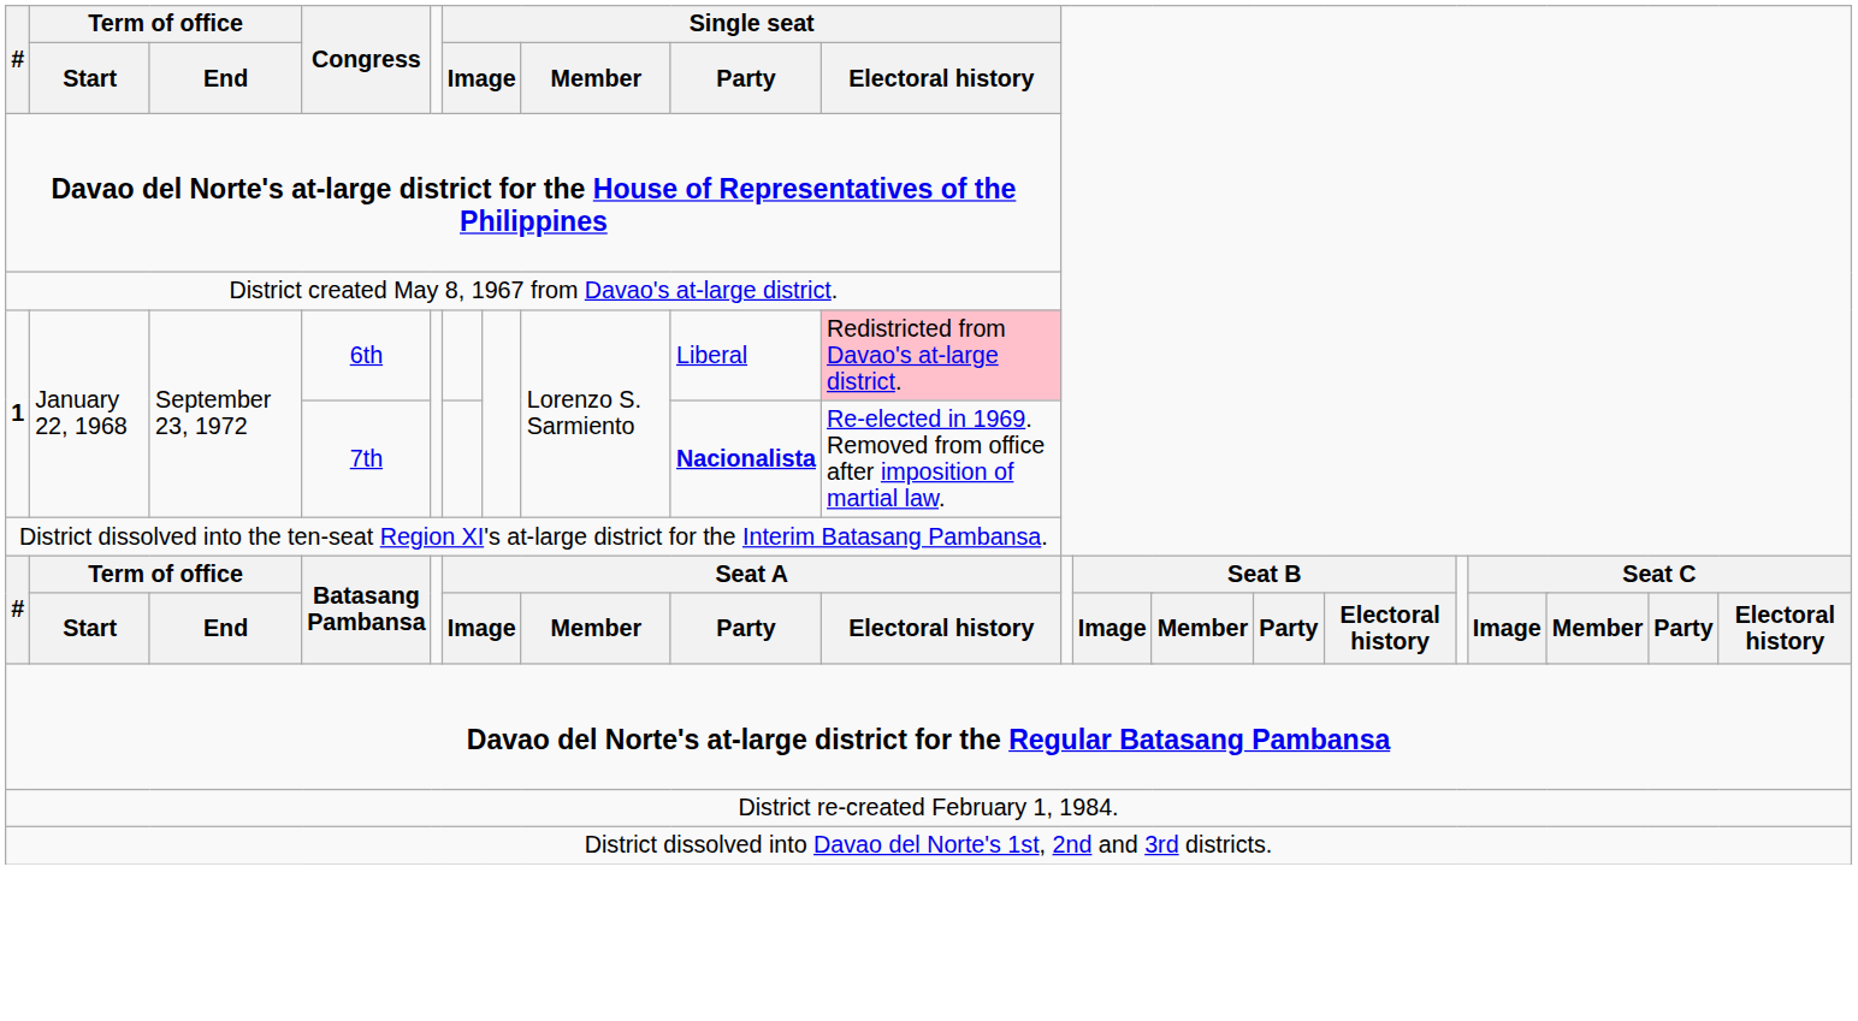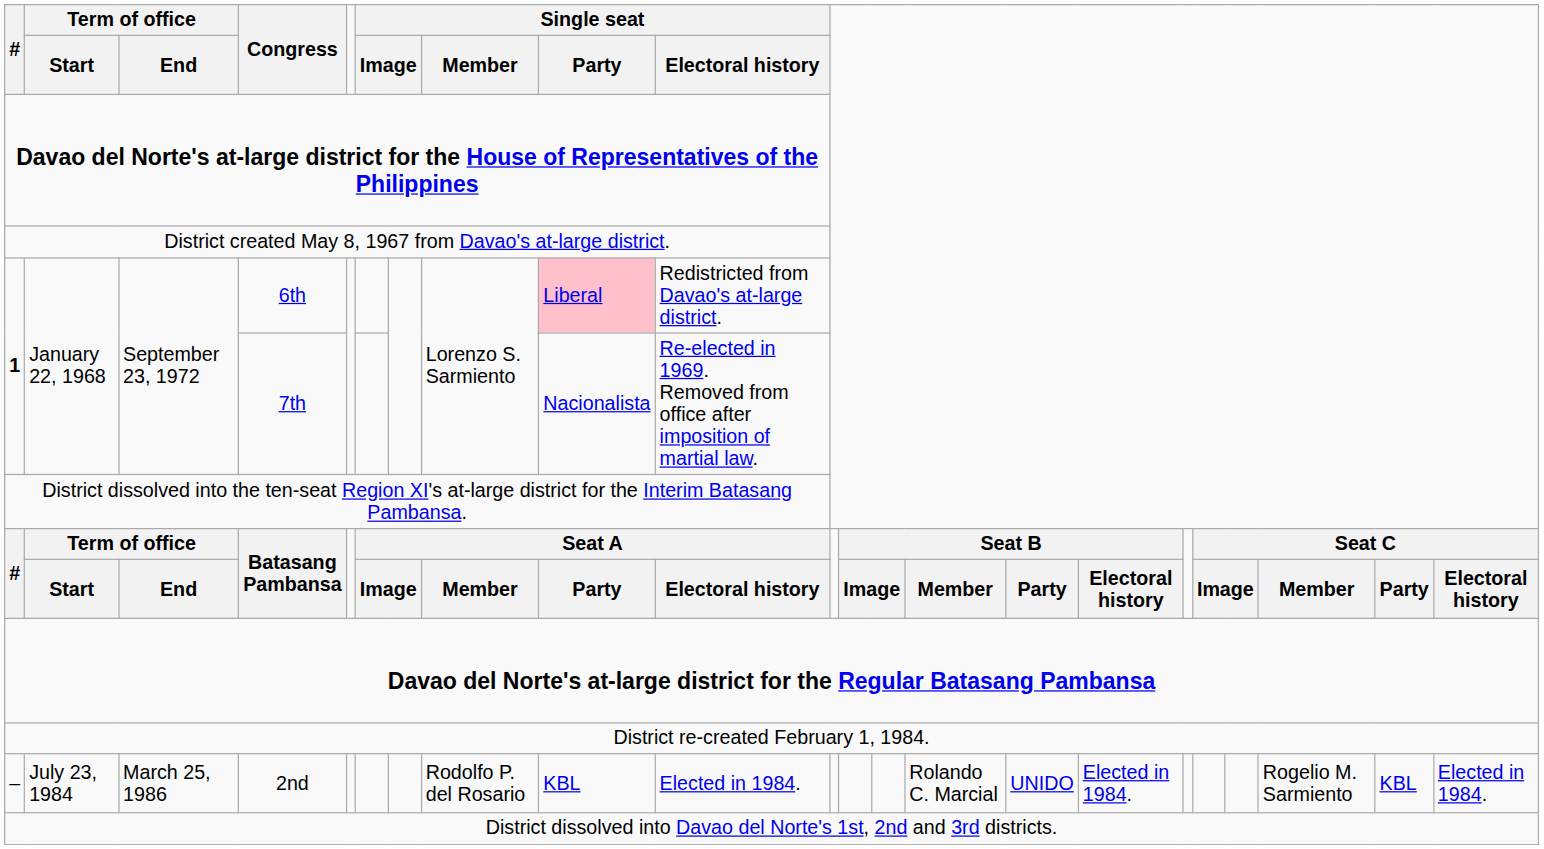 <table class=wikitable>
 <tr>
 <th rowspan=2>#</th>
 <th colspan=2>Term of office</th>
 <th rowspan=2>Congress</th>
 <td rowspan=2></td>
 <th colspan=5>Single seat</th>
 </tr>
 <tr style="height:3em">
 <th>Start</th>
 <th>End</th>
 <th colspan="2" style="text-align:center;">Image</th>
 <th>Member</th>
 <th>Party</th>
 <th>Electoral history</th>
 </tr>
 <tr>
 <td colspan="10" style="text-align:center;"><br><h3>Davao del Norte's at-large district for the <a href='#'>House of Representatives of the Philippines</a></h3></td>
 </tr>
 <tr>
 <td colspan="10" style="text-align:center;">District created May 8, 1967 from <a href='#'>Davao's at-large district</a>.</td>
 </tr>
 <tr>
 <td rowspan="2" style="text-align:center;"><strong>1</strong></td>
 <td rowspan="2">January 22, 1968</td>
 <td rowspan="2">September 23, 1972</td>
 <td style="text-align:center;"><a href='#'>6th</a></td>
 <td rowspan="2"></td>
 <td style="color:inherit;background:"></td>
 <td rowspan="2"></td>
 <td rowspan="2">Lorenzo S. Sarmiento</td>
-<td><a href='#'>Liberal</a></td>
-<td style="background: pink;">Redistricted from <a href='#'>Davao's at-large district</a>.</td>
+<td style="background: pink;"><a href='#'>Liberal</a></td>
+<td>Redistricted from <a href='#'>Davao's at-large district</a>.</td>
 </tr>
 <tr>
 <td style="text-align:center;"><a href='#'>7th</a></td>
 <td style="color:inherit;background:"></td>
-<td><strong><a href='#'>Nacionalista</a></strong></td>
+<td><a href='#'>Nacionalista</a></td>
 <td><a href='#'>Re-elected in 1969</a>.<br>Removed from office after <a href='#'>imposition of martial law</a>.</td>
 </tr>
 <tr>
 <td colspan="10" style="text-align:center;">District dissolved into the ten-seat <a href='#'>Region XI</a>'s at-large district for the <a href='#'>Interim Batasang Pambansa</a>.</td>
 </tr>
 <tr>
 <th rowspan=2>#</th>
 <th colspan=2>Term of office</th>
 <th rowspan=2>Batasang<br>Pambansa</th>
 <td rowspan=2></td>
 <th colspan=5>Seat A</th>
 <td rowspan=2></td>
 <th colspan=5>Seat B</th>
 <td rowspan=2></td>
 <th colspan=5>Seat C</th>
 </tr>
 <tr style="height:3em">
 <th>Start</th>
 <th>End</th>
 <th colspan="2" style="text-align:center;">Image</th>
 <th>Member</th>
 <th>Party</th>
 <th>Electoral history</th>
 <th colspan="2" style="text-align:center;">Image</th>
 <th>Member</th>
 <th>Party</th>
 <th>Electoral history</th>
 <th colspan="2" style="text-align:center;">Image</th>
 <th>Member</th>
 <th>Party</th>
 <th>Electoral history</th>
 </tr>
 <tr>
 <td colspan="22" style="text-align:center;"><br><h3>Davao del Norte's at-large district for the <a href='#'>Regular Batasang Pambansa</a></h3></td>
 </tr>
 <tr>
 <td colspan="22" style="text-align:center;">District re-created February 1, 1984.</td>
 </tr>
+<tr style="height:3em">
+<td style="text-align:center;">–</td>
+<td>July 23, 1984</td>
+<td>March 25, 1986</td>
+<td style="text-align:center;">2nd</td>
+<td></td>
+<td style="color:inherit;background:"></td>
+<td></td>
+<td>Rodolfo P. del Rosario</td>
+<td><a href='#'>KBL</a></td>
+<td><a href='#'>Elected in 1984</a>.</td>
+<td></td>
+<td style="color:inherit;background:"></td>
+<td></td>
+<td>Rolando C. Marcial</td>
+<td><a href='#'>UNIDO</a></td>
+<td><a href='#'>Elected in 1984</a>.</td>
+<td></td>
+<td style="color:inherit;background:"></td>
+<td></td>
+<td>Rogelio M. Sarmiento</td>
+<td><a href='#'>KBL</a></td>
+<td><a href='#'>Elected in 1984</a>.</td>
+</tr>
 <tr>
 <td colspan="22" style="text-align:center;">District dissolved into <a href='#'>Davao del Norte's 1st</a>, <a href='#'>2nd</a> and <a href='#'>3rd</a> districts.</td>
 </tr>
 </table>
